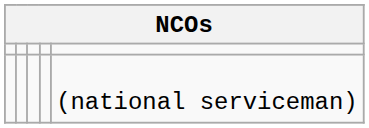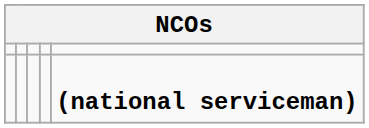 <table class="wikitable">
 <tr style="text-align:center;">
 <th colspan=5>NCOs</th>
 </tr>
 <tr style="text-align:center;">
 <td></td>
 <td></td>
 <td></td>
 <td></td>
 <td></td>
 </tr>
 <tr style="text-align:center;">
 <td></td>
 <td></td>
 <td></td>
 <td></td>
-<td><br> (national serviceman)</td>
+<td><strong><br> (national serviceman)</strong></td>
 </tr>
 </table>
